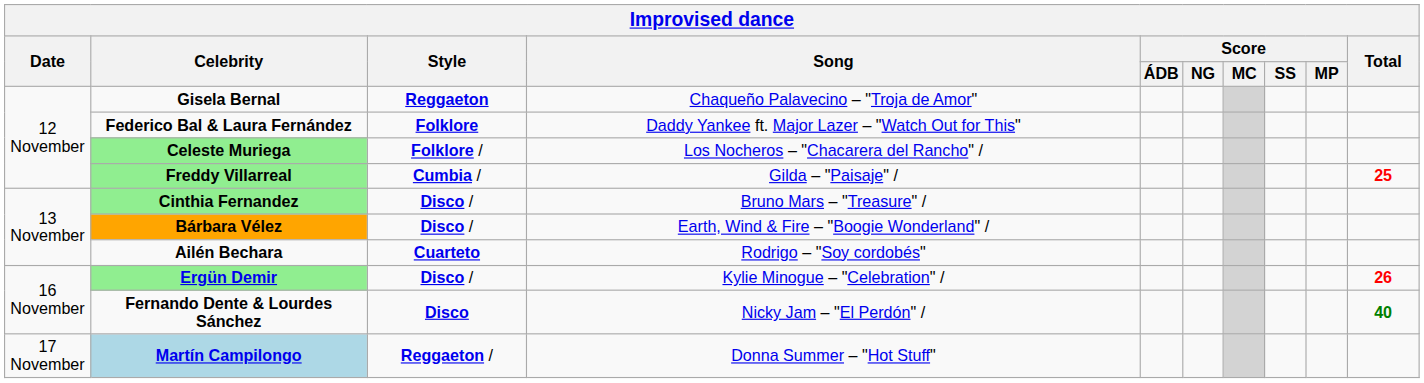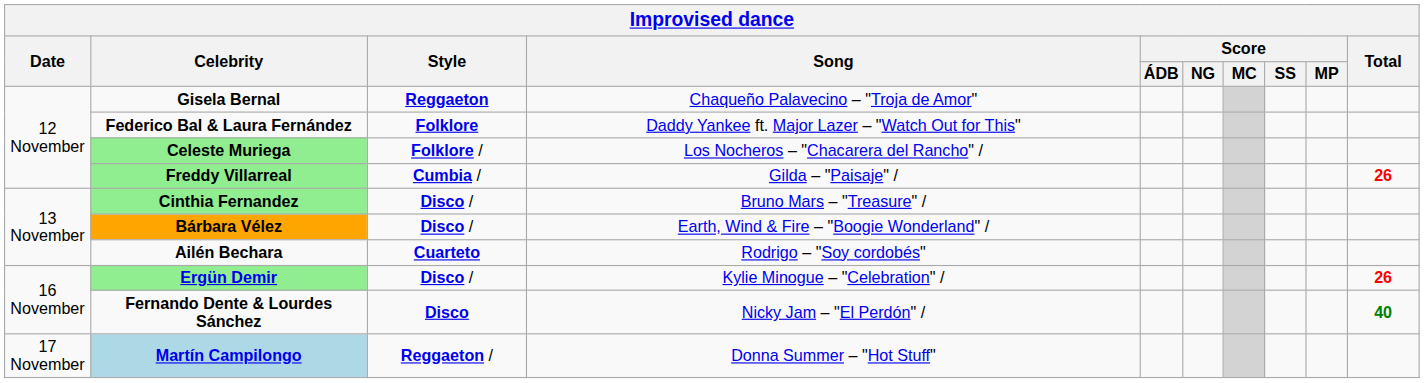 <table class="wikitable collapsible collapsed" style="font-size:90%; text-align: center; width: 100%;">
 <tr>
 <th colspan="11" style="with: 95%;" align=center><big><a href='#'>Improvised dance</a></big></th>
 </tr>
 <tr>
 <th width=70 rowspan="2">Date</th>
 <th width=240 rowspan="2">Celebrity</th>
 <th rowspan="2">Style </th>
 <th rowspan="2">Song </th>
 <th colspan="5">Score</th>
 <th rowspan="2">Total</th>
 </tr>
 <tr>
 <th width=30>ÁDB</th>
 <th width=30>NG</th>
 <th width=30>MC</th>
 <th width=30>SS</th>
 <th width=30>MP</th>
 </tr>
 <tr>
 <td rowspan=4>12 November</td>
 <td><strong>Gisela Bernal</strong></td>
 <td><strong><a href='#'>Reggaeton</a></strong></td>
 <td><a href='#'>Chaqueño Palavecino</a> – "<a href='#'>Troja de Amor</a>"</td>
 <td></td>
 <td></td>
 <td bgcolor="lightgray"></td>
 <td></td>
 <td></td>
 <td></td>
 </tr>
 <tr>
 <td><strong>Federico Bal & Laura Fernández</strong></td>
 <td><strong><a href='#'>Folklore</a></strong></td>
 <td><a href='#'>Daddy Yankee</a> ft. <a href='#'>Major Lazer</a> – "<a href='#'>Watch Out for This</a>"</td>
 <td></td>
 <td></td>
 <td bgcolor="lightgray"></td>
 <td></td>
 <td></td>
 <td></td>
 </tr>
 <tr>
 <td bgcolor="lightgreen"><strong>Celeste Muriega</strong></td>
 <td><strong><a href='#'>Folklore</a></strong> /<br> </td>
 <td><a href='#'>Los Nocheros</a> – "<a href='#'>Chacarera del Rancho</a>" /<br> </td>
 <td></td>
 <td></td>
 <td bgcolor="lightgray"></td>
 <td></td>
 <td></td>
 <td></td>
 </tr>
 <tr>
 <td bgcolor="lightgreen"><strong>Freddy Villarreal</strong></td>
 <td><strong><a href='#'>Cumbia</a></strong> /<br> </td>
 <td><a href='#'>Gilda</a> – "<a href='#'>Paisaje</a>" /<br> </td>
 <td></td>
 <td></td>
 <td bgcolor="lightgray"></td>
 <td></td>
 <td></td>
-<td style="text-align:center; color:red;"><strong>25</strong></td>
+<td style="text-align:center; color:red;"><strong>26</strong></td>
 </tr>
 <tr>
 <td rowspan=3>13 November</td>
 <td bgcolor="lightgreen"><strong>Cinthia Fernandez</strong></td>
 <td><strong><a href='#'>Disco</a></strong> /<br> </td>
 <td><a href='#'>Bruno Mars</a> – "<a href='#'>Treasure</a>" /<br> </td>
 <td></td>
 <td></td>
 <td bgcolor="lightgray"></td>
 <td></td>
 <td></td>
 <td></td>
 </tr>
 <tr>
 <td bgcolor="Orange"><strong>Bárbara Vélez</strong></td>
 <td><strong><a href='#'>Disco</a></strong> /<br> </td>
 <td><a href='#'>Earth, Wind & Fire</a> – "<a href='#'>Boogie Wonderland</a>" /<br> </td>
 <td></td>
 <td></td>
 <td bgcolor="lightgray"></td>
 <td></td>
 <td></td>
 <td></td>
 </tr>
 <tr>
 <td><strong>Ailén Bechara</strong></td>
 <td><strong><a href='#'>Cuarteto</a></strong></td>
 <td><a href='#'>Rodrigo</a> – "<a href='#'>Soy cordobés</a>"</td>
 <td></td>
 <td></td>
 <td bgcolor="lightgray"></td>
 <td></td>
 <td></td>
 <td></td>
 </tr>
 <tr>
 <td rowspan=2>16 November</td>
 <td bgcolor="lightgreen"><strong><a href='#'>Ergün Demir</a></strong></td>
 <td><strong><a href='#'>Disco</a></strong> /<br> </td>
 <td><a href='#'>Kylie Minogue</a> – "<a href='#'>Celebration</a>" /<br> </td>
 <td></td>
 <td></td>
 <td bgcolor="lightgray"></td>
 <td></td>
 <td></td>
 <td style="text-align:center; color:red;"><strong>26</strong></td>
 </tr>
 <tr>
 <td><strong>Fernando Dente & Lourdes Sánchez</strong></td>
 <td><strong><a href='#'>Disco</a></strong></td>
 <td><a href='#'>Nicky Jam</a> – "<a href='#'>El Perdón</a>" /<br> </td>
 <td></td>
 <td></td>
 <td bgcolor="lightgray"></td>
 <td></td>
 <td></td>
 <td style="text-align:center; color:green;"><strong>40</strong></td>
 </tr>
 <tr>
 <td rowspan=>17 November</td>
 <td bgcolor="lightblue"><strong><a href='#'>Martín Campilongo</a></strong></td>
 <td><strong><a href='#'>Reggaeton</a></strong> /<br> </td>
 <td><a href='#'>Donna Summer</a> – "<a href='#'>Hot Stuff</a>"</td>
 <td></td>
 <td></td>
 <td bgcolor="lightgray"></td>
 <td></td>
 <td></td>
 <td></td>
 </tr>
 </table>
